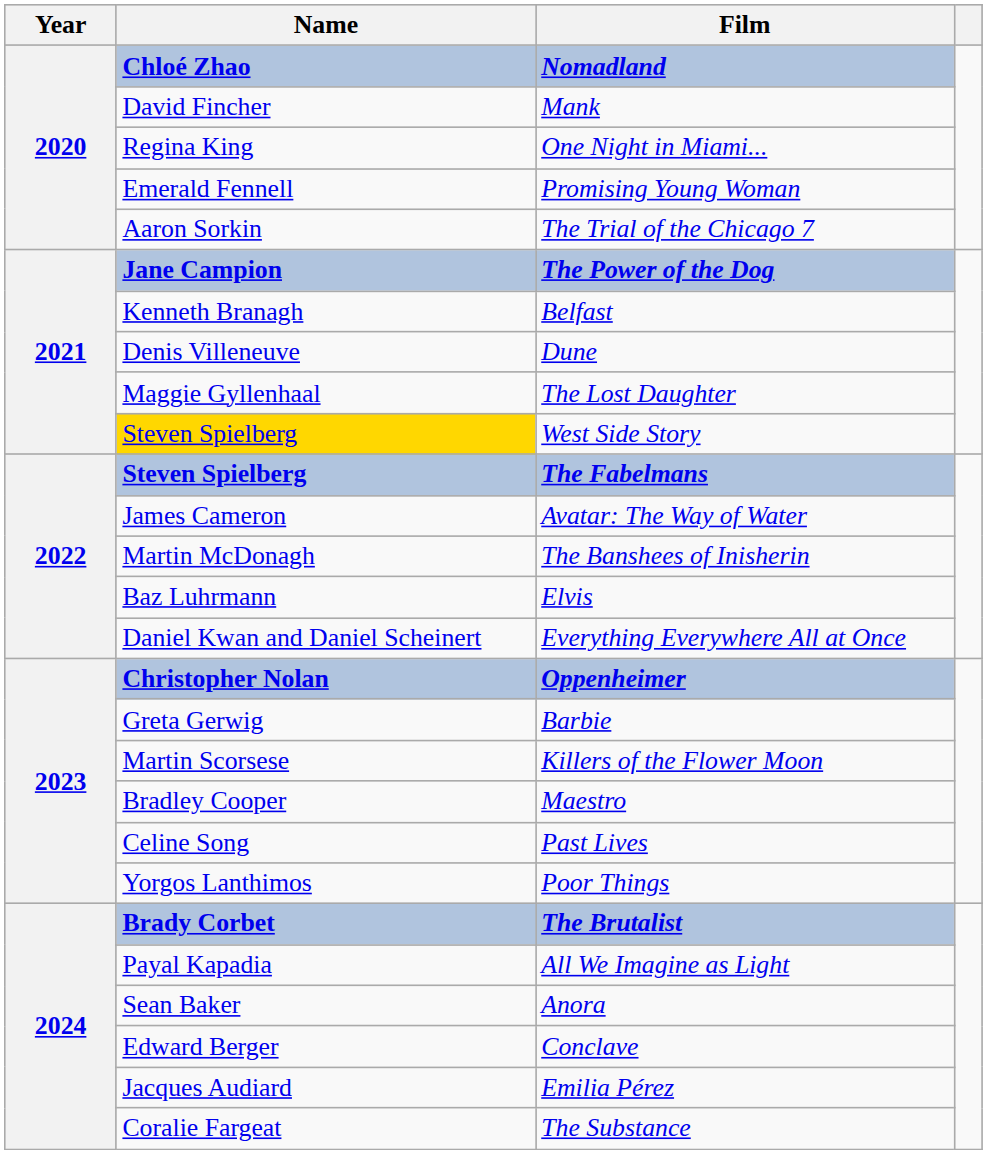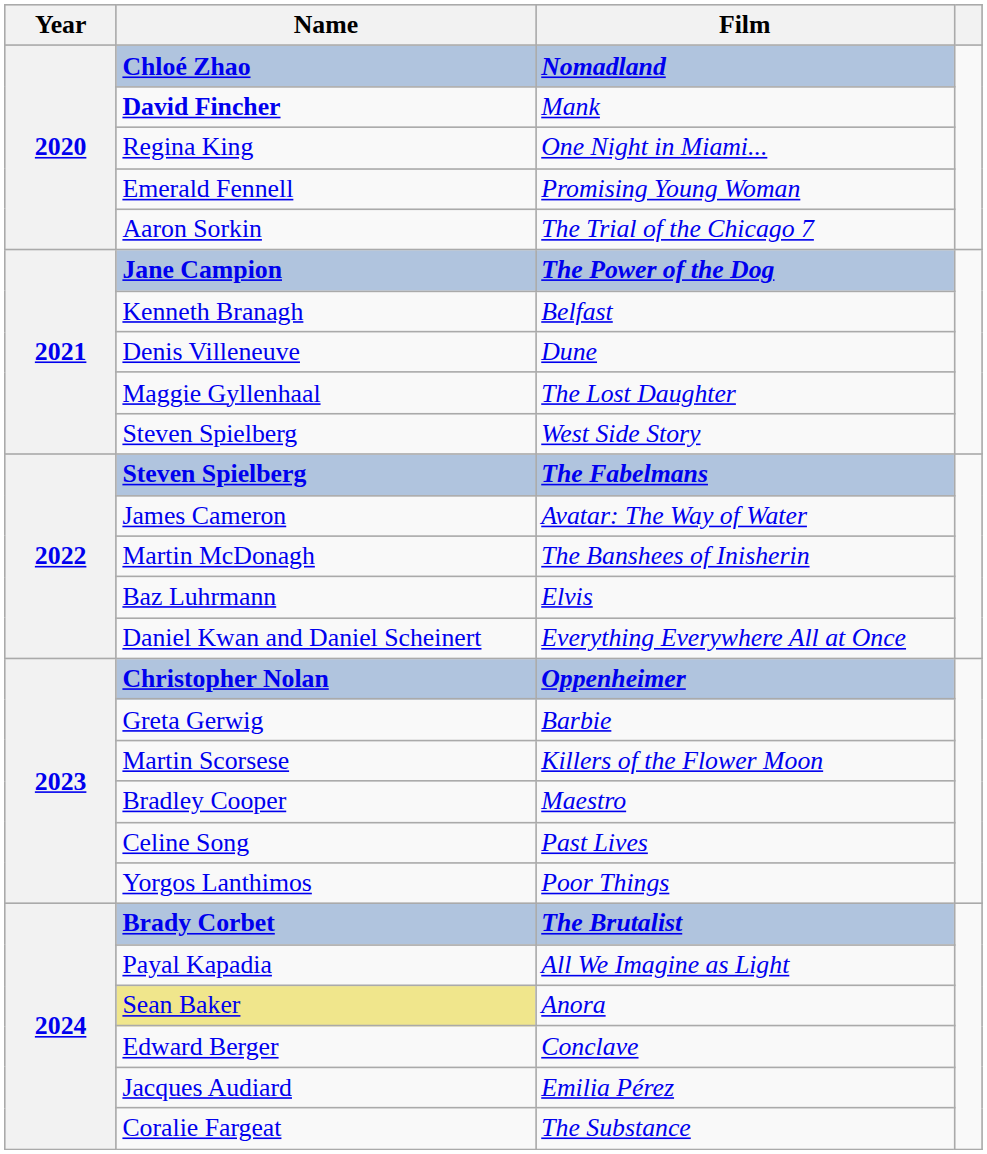 <table class="wikitable sortable">
 <tr>
 <th scope="col" style="width:8%;">Year</th>
 <th scope="col" style="width:30%;">Name</th>
 <th scope="col" style="width:30%;">Film</th>
 <th scope="col" style="width:2%;" class="unsortable"></th>
 </tr>
 <tr>
 <th rowspan="5" style="text-align:center;"><a href='#'>2020</a></th>
 <td style="background:#B0C4DE;"><strong><a href='#'>Chloé Zhao</a></strong></td>
 <td style="background:#B0C4DE;"><strong><em><a href='#'>Nomadland</a></em></strong></td>
 <td rowspan=5></td>
 </tr>
 <tr>
-<td><a href='#'>David Fincher</a></td>
+<td><strong><a href='#'>David Fincher</a></strong></td>
 <td><em><a href='#'>Mank</a></em></td>
 </tr>
 <tr>
 <td><a href='#'>Regina King</a></td>
 <td><em><a href='#'>One Night in Miami...</a></em></td>
 </tr>
 <tr>
 <td><a href='#'>Emerald Fennell</a></td>
 <td><em><a href='#'>Promising Young Woman</a></em></td>
 </tr>
 <tr>
 <td><a href='#'>Aaron Sorkin</a></td>
 <td><em><a href='#'>The Trial of the Chicago 7</a></em></td>
 </tr>
 <tr>
 <th rowspan="5" style="text-align:center;"><a href='#'>2021</a></th>
 <td style="background:#B0C4DE;"><strong><a href='#'>Jane Campion</a></strong></td>
 <td style="background:#B0C4DE;"><strong><em><a href='#'>The Power of the Dog</a></em></strong></td>
 <td rowspan=5></td>
 </tr>
 <tr>
 <td><a href='#'>Kenneth Branagh</a></td>
 <td><em><a href='#'>Belfast</a></em></td>
 </tr>
 <tr>
 <td><a href='#'>Denis Villeneuve</a></td>
 <td><em><a href='#'>Dune</a></em></td>
 </tr>
 <tr>
 <td><a href='#'>Maggie Gyllenhaal</a></td>
 <td><em><a href='#'>The Lost Daughter</a></em></td>
 </tr>
 <tr>
-<td style="background: gold;"><a href='#'>Steven Spielberg</a></td>
+<td><a href='#'>Steven Spielberg</a></td>
 <td><em><a href='#'>West Side Story</a></em></td>
 </tr>
 <tr>
 <th rowspan="5" style="text-align:center;"><a href='#'>2022</a></th>
 <td style="background:#B0C4DE;"><strong><a href='#'>Steven Spielberg</a></strong></td>
 <td style="background:#B0C4DE;"><strong><em><a href='#'>The Fabelmans</a></em></strong></td>
 <td rowspan=5></td>
 </tr>
 <tr>
 <td><a href='#'>James Cameron</a></td>
 <td><em><a href='#'>Avatar: The Way of Water</a></em></td>
 </tr>
 <tr>
 <td><a href='#'>Martin McDonagh</a></td>
 <td><em><a href='#'>The Banshees of Inisherin</a></em></td>
 </tr>
 <tr>
 <td><a href='#'>Baz Luhrmann</a></td>
 <td><em><a href='#'>Elvis</a></em></td>
 </tr>
 <tr>
 <td><a href='#'>Daniel Kwan and Daniel Scheinert</a></td>
 <td><em><a href='#'>Everything Everywhere All at Once</a></em></td>
 </tr>
 <tr>
 <th rowspan="6" style="text-align:center;"><a href='#'>2023</a></th>
 <td style="background:#B0C4DE;"><strong><a href='#'>Christopher Nolan</a></strong></td>
 <td style="background:#B0C4DE;"><strong><em><a href='#'><em>Oppenheimer</em></a></em></strong></td>
 <td rowspan=6></td>
 </tr>
 <tr>
 <td><a href='#'>Greta Gerwig</a></td>
 <td><em><a href='#'>Barbie</a></em></td>
 </tr>
 <tr>
 <td><a href='#'>Martin Scorsese</a></td>
 <td><em><a href='#'>Killers of the Flower Moon</a></em></td>
 </tr>
 <tr>
 <td><a href='#'>Bradley Cooper</a></td>
 <td><em><a href='#'>Maestro</a></em></td>
 </tr>
 <tr>
 <td><a href='#'>Celine Song</a></td>
 <td><em><a href='#'>Past Lives</a></em></td>
 </tr>
 <tr>
 <td><a href='#'>Yorgos Lanthimos</a></td>
 <td><em><a href='#'>Poor Things</a></em></td>
 </tr>
 <tr>
 <th rowspan="6"><a href='#'>2024</a></th>
 <td style="background:#B0C4DE;"><strong><a href='#'>Brady Corbet</a></strong></td>
 <td style="background:#B0C4DE;"><strong><em><a href='#'>The Brutalist</a></em></strong></td>
 <td rowspan=6> <br></td>
 </tr>
 <tr>
 <td><a href='#'>Payal Kapadia</a></td>
 <td><em><a href='#'>All We Imagine as Light</a></em></td>
 </tr>
 <tr>
-<td><a href='#'>Sean Baker</a></td>
+<td style="background: khaki;"><a href='#'>Sean Baker</a></td>
 <td><em><a href='#'>Anora</a></em></td>
 </tr>
 <tr>
 <td><a href='#'>Edward Berger</a></td>
 <td><em><a href='#'>Conclave</a></em></td>
 </tr>
 <tr>
 <td><a href='#'>Jacques Audiard</a></td>
 <td><em><a href='#'>Emilia Pérez</a></em></td>
 </tr>
 <tr>
 <td><a href='#'>Coralie Fargeat</a></td>
 <td><em><a href='#'>The Substance</a></em></td>
 </tr>
 </table>
